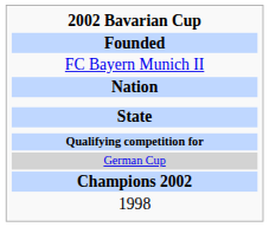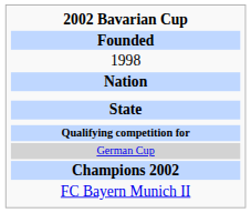 <table class="infobox football" style="width: 16em; text-align: center;">
 <tr>
 <th style="">2002 Bavarian Cup</th>
 </tr>
 <tr>
 <td style="background: #BFD7FF;"><strong>Founded</strong></td>
 </tr>
 <tr>
-<td style=""><a href='#'>FC Bayern Munich II</a></td>
+<td style="">1998</td>
 </tr>
 <tr>
 <td style="background: #BFD7FF;"><strong>Nation</strong></td>
 </tr>
 <tr>
 <td style=""></td>
 </tr>
 <tr>
 <td style="line-height: 15px;"></td>
 </tr>
 <tr>
 <td style="background: #BFD7FF;"><strong>State</strong></td>
 </tr>
 <tr>
 <td style=""></td>
 </tr>
 <tr>
 <td style="font-size: 12px; background: #BFD7FF;"><strong>Qualifying competition for</strong></td>
 </tr>
 <tr>
 <td style="background: lightgrey; font-size: 12px;"><a href='#'>German Cup</a></td>
 </tr>
 <tr>
 <td style="background: #BFD7FF;"><strong>Champions 2002</strong></td>
 </tr>
 <tr>
-<td style="">1998</td>
+<td style=""><a href='#'>FC Bayern Munich II</a></td>
 </tr>
 <tr>
 </tr>
 </table>
